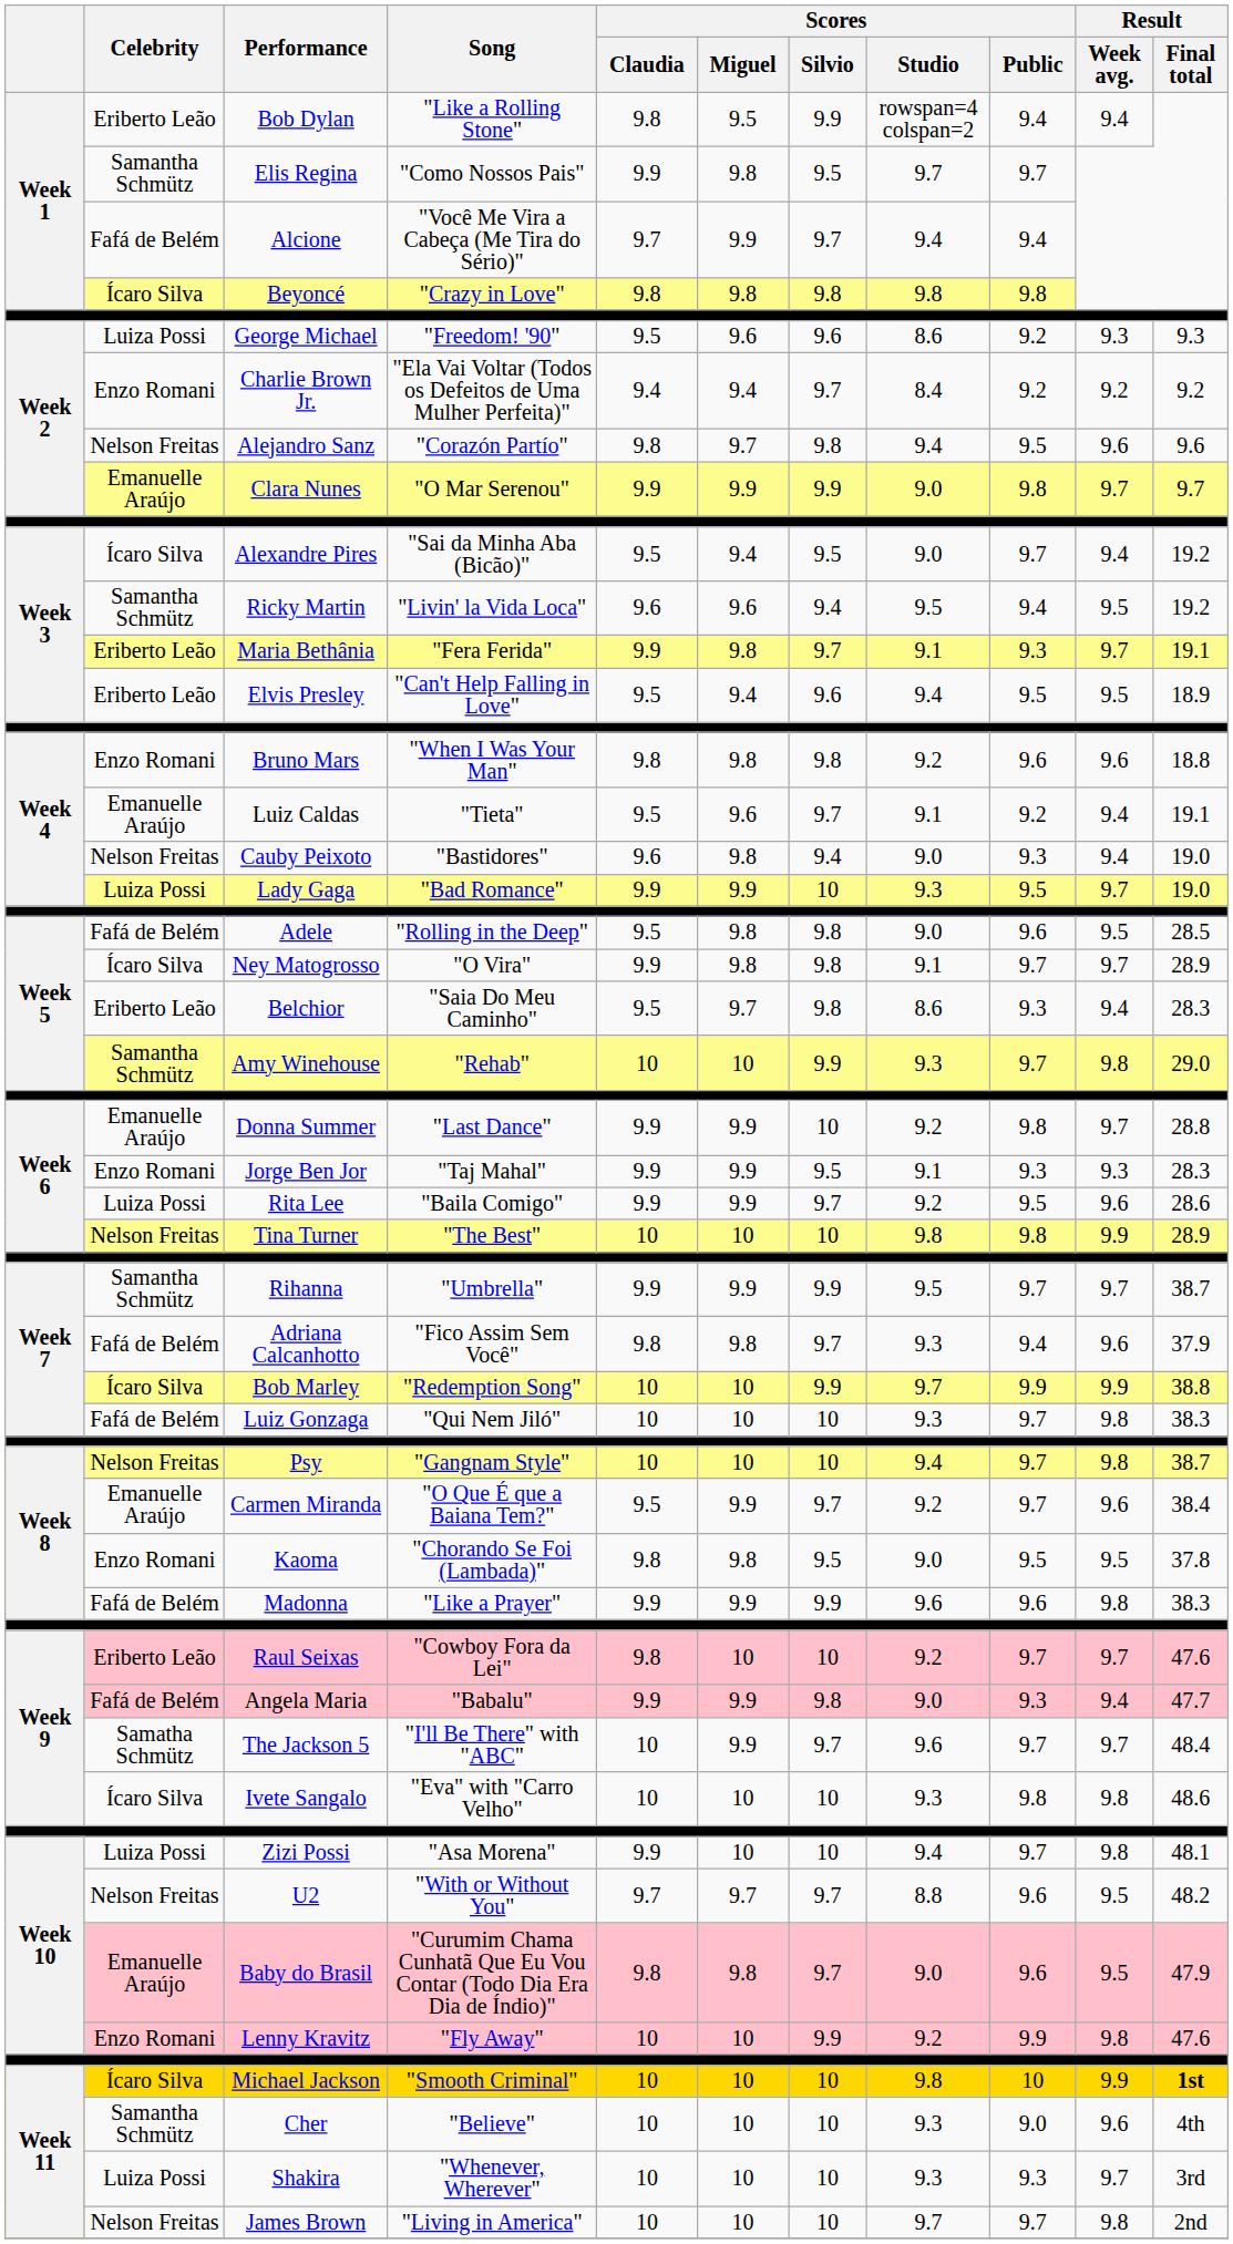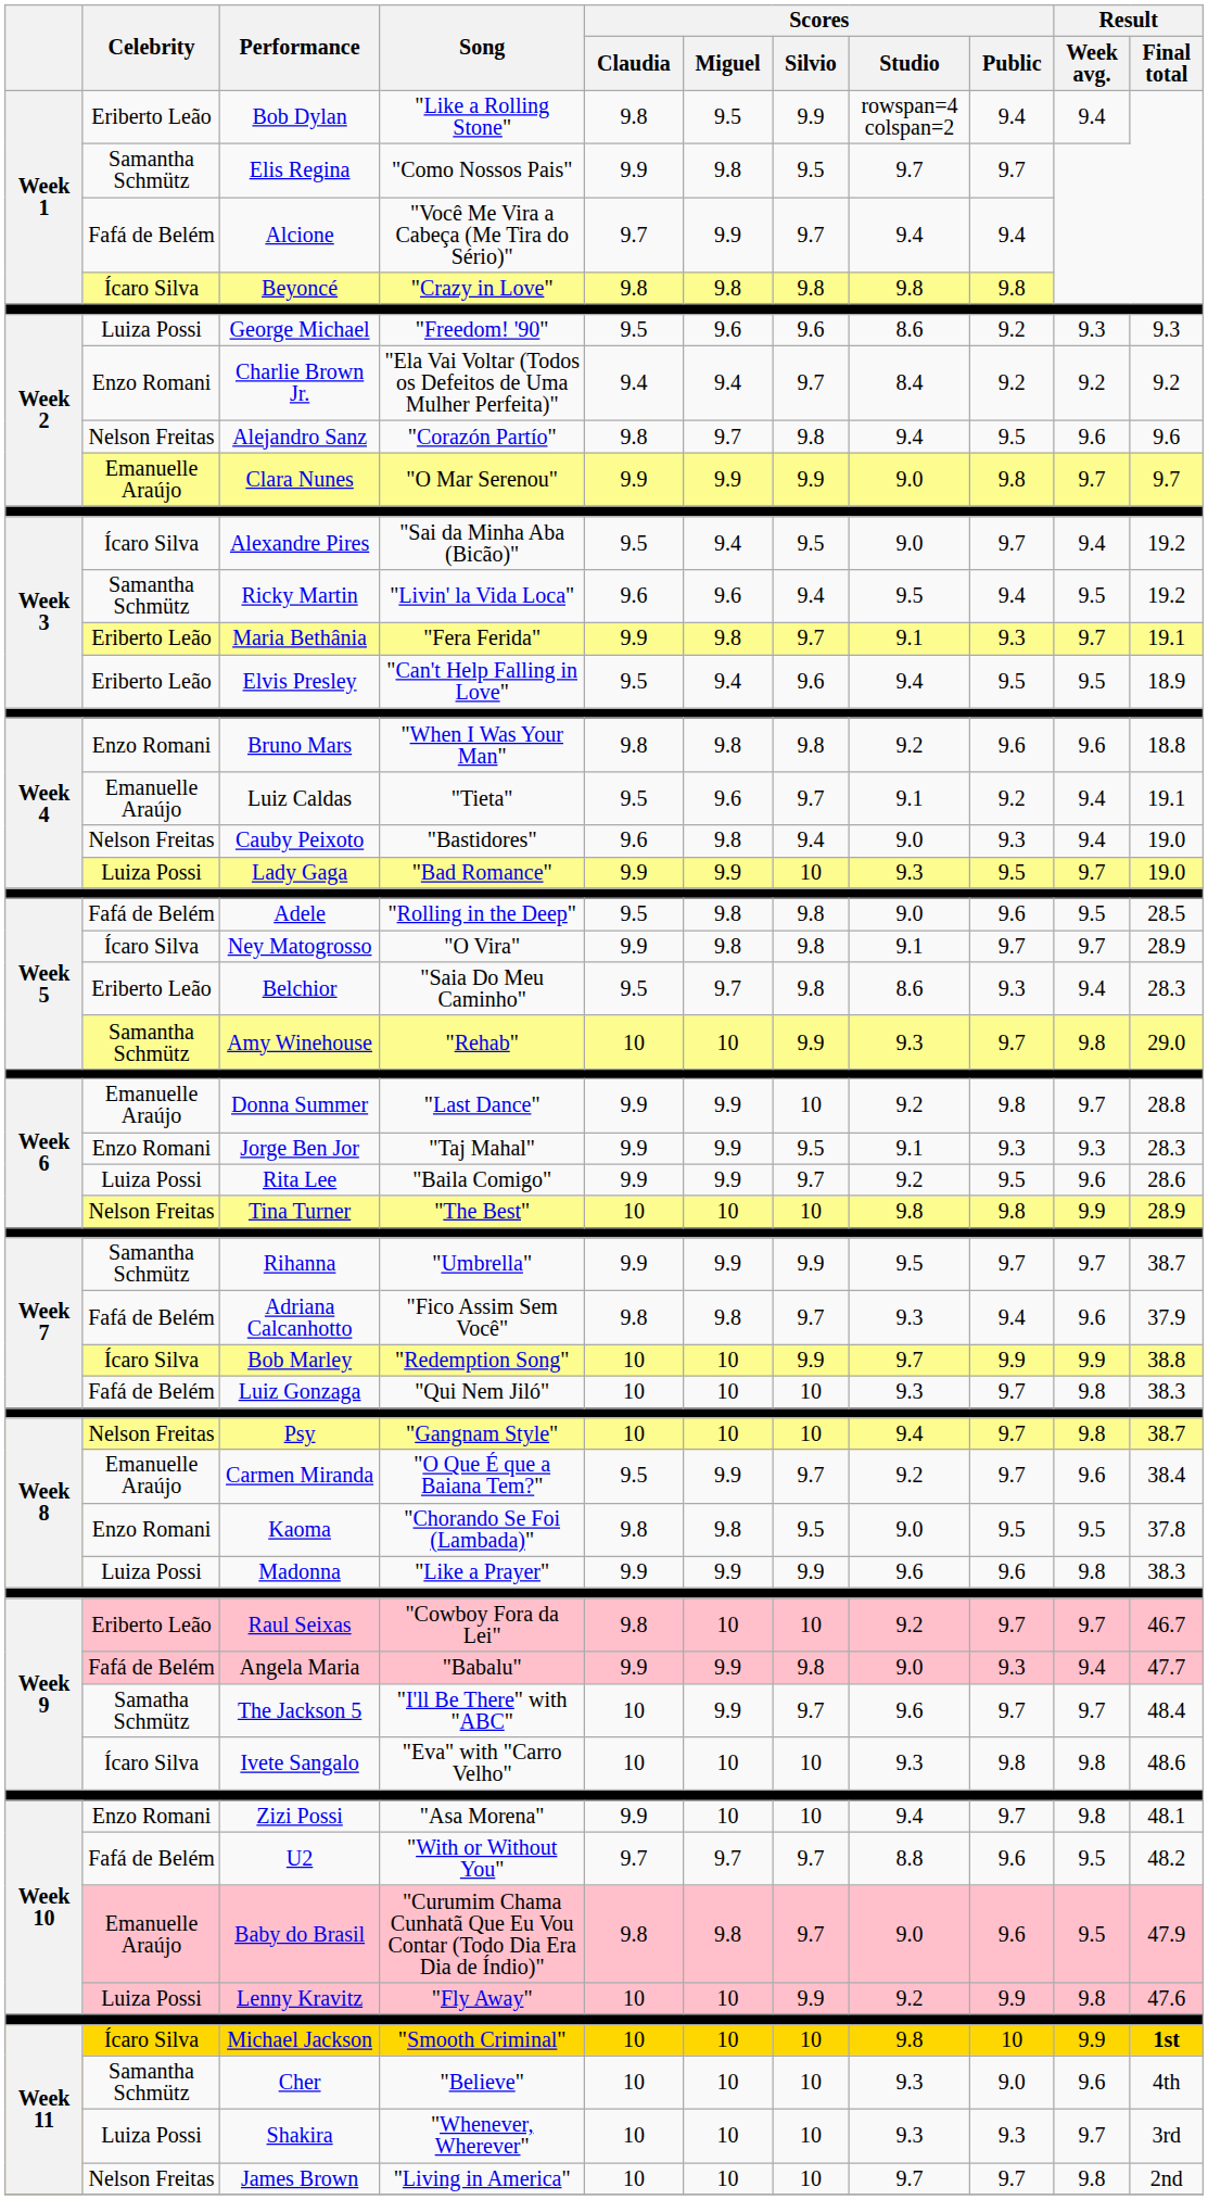 <table class="wikitable" style="font-size:100%; line-height:16px; text-align:center" width="100%">
 <tr>
 <th rowspan="2" style="width:05.0%;"></th>
 <th rowspan="2" style="width:09.0%;">Celebrity</th>
 <th rowspan="2" style="width:09.0%;">Performance</th>
 <th rowspan="2" style="width:13.5%;">Song</th>
 <th colspan="5" style="width:23.0%;">Scores</th>
 <th colspan="2" style="width:09.0%;">Result</th>
 </tr>
 <tr>
 <th style="width:04.5%;">Claudia</th>
 <th style="width:04.5%;">Miguel</th>
 <th style="width:04.5%;">Silvio</th>
 <th style="width:04.5%;">Studio</th>
 <th style="width:04.5%;">Public</th>
 <th style="width:04.5%;">Week<br>avg.</th>
 <th style="width:04.5%;">Final<br>total</th>
 </tr>
 <tr>
 <th rowspan=4>Week 1<br><small></small></th>
 <td>Eriberto Leão</td>
 <td><a href='#'>Bob Dylan</a></td>
 <td>"<a href='#'>Like a Rolling Stone</a>"</td>
 <td>9.8</td>
 <td>9.5</td>
 <td>9.9</td>
 <td>rowspan=4 colspan=2 </td>
 <td>9.4</td>
 <td>9.4</td>
 </tr>
 <tr>
 <td>Samantha Schmütz</td>
 <td><a href='#'>Elis Regina</a></td>
 <td>"Como Nossos Pais"</td>
 <td>9.9</td>
 <td>9.8</td>
 <td>9.5</td>
 <td>9.7</td>
 <td>9.7</td>
 </tr>
 <tr>
 <td>Fafá de Belém</td>
 <td><a href='#'>Alcione</a></td>
 <td>"Você Me Vira a Cabeça (Me Tira do Sério)"</td>
 <td>9.7</td>
 <td>9.9</td>
 <td>9.7</td>
 <td>9.4</td>
 <td>9.4</td>
 </tr>
 <tr bgcolor="FDFC8F">
 <td>Ícaro Silva</td>
 <td><a href='#'>Beyoncé</a></td>
 <td>"<a href='#'>Crazy in Love</a>"</td>
 <td>9.8</td>
 <td>9.8</td>
 <td>9.8</td>
 <td>9.8</td>
 <td>9.8</td>
 </tr>
 <tr>
 <td bgcolor="000000" colspan=11></td>
 </tr>
 <tr>
 <th rowspan=4>Week 2<br><small></small></th>
 <td>Luiza Possi</td>
 <td><a href='#'>George Michael</a></td>
 <td>"<a href='#'>Freedom! '90</a>"</td>
 <td>9.5</td>
 <td>9.6</td>
 <td>9.6</td>
 <td>8.6</td>
 <td>9.2</td>
 <td>9.3</td>
 <td>9.3</td>
 </tr>
 <tr>
 <td>Enzo Romani</td>
 <td><a href='#'>Charlie Brown Jr.</a></td>
 <td>"Ela Vai Voltar (Todos os Defeitos de Uma Mulher Perfeita)"</td>
 <td>9.4</td>
 <td>9.4</td>
 <td>9.7</td>
 <td>8.4</td>
 <td>9.2</td>
 <td>9.2</td>
 <td>9.2</td>
 </tr>
 <tr>
 <td>Nelson Freitas</td>
 <td><a href='#'>Alejandro Sanz</a></td>
 <td>"<a href='#'>Corazón Partío</a>"</td>
 <td>9.8</td>
 <td>9.7</td>
 <td>9.8</td>
 <td>9.4</td>
 <td>9.5</td>
 <td>9.6</td>
 <td>9.6</td>
 </tr>
 <tr bgcolor="FDFC8F">
 <td>Emanuelle Araújo</td>
 <td><a href='#'>Clara Nunes</a></td>
 <td>"O Mar Serenou"</td>
 <td>9.9</td>
 <td>9.9</td>
 <td>9.9</td>
 <td>9.0</td>
 <td>9.8</td>
 <td>9.7</td>
 <td>9.7</td>
 </tr>
 <tr>
 <td bgcolor="000000" colspan=11></td>
 </tr>
 <tr>
 <th rowspan=4>Week 3<br><small></small></th>
 <td>Ícaro Silva</td>
 <td><a href='#'>Alexandre Pires</a></td>
 <td>"Sai da Minha Aba (Bicão)"</td>
 <td>9.5</td>
 <td>9.4</td>
 <td>9.5</td>
 <td>9.0</td>
 <td>9.7</td>
 <td>9.4</td>
 <td>19.2</td>
 </tr>
 <tr>
 <td>Samantha Schmütz</td>
 <td><a href='#'>Ricky Martin</a></td>
 <td>"<a href='#'>Livin' la Vida Loca</a>"</td>
 <td>9.6</td>
 <td>9.6</td>
 <td>9.4</td>
 <td>9.5</td>
 <td>9.4</td>
 <td>9.5</td>
 <td>19.2</td>
 </tr>
 <tr bgcolor="FDFC8F">
 <td>Eriberto Leão</td>
 <td><a href='#'>Maria Bethânia</a></td>
 <td>"Fera Ferida"</td>
 <td>9.9</td>
 <td>9.8</td>
 <td>9.7</td>
 <td>9.1</td>
 <td>9.3</td>
 <td>9.7</td>
 <td>19.1</td>
 </tr>
 <tr>
 <td>Eriberto Leão</td>
 <td><a href='#'>Elvis Presley</a></td>
 <td>"<a href='#'>Can't Help Falling in Love</a>"</td>
 <td>9.5</td>
 <td>9.4</td>
 <td>9.6</td>
 <td>9.4</td>
 <td>9.5</td>
 <td>9.5</td>
 <td>18.9</td>
 </tr>
 <tr>
 <td bgcolor="000000" colspan=11></td>
 </tr>
 <tr>
 <th rowspan=4>Week 4<br><small></small></th>
 <td>Enzo Romani</td>
 <td><a href='#'>Bruno Mars</a></td>
 <td>"<a href='#'>When I Was Your Man</a>"</td>
 <td>9.8</td>
 <td>9.8</td>
 <td>9.8</td>
 <td>9.2</td>
 <td>9.6</td>
 <td>9.6</td>
 <td>18.8</td>
 </tr>
 <tr>
 <td>Emanuelle Araújo</td>
 <td>Luiz Caldas</td>
 <td>"Tieta"</td>
 <td>9.5</td>
 <td>9.6</td>
 <td>9.7</td>
 <td>9.1</td>
 <td>9.2</td>
 <td>9.4</td>
 <td>19.1</td>
 </tr>
 <tr>
 <td>Nelson Freitas</td>
 <td><a href='#'>Cauby Peixoto</a></td>
 <td>"Bastidores"</td>
 <td>9.6</td>
 <td>9.8</td>
 <td>9.4</td>
 <td>9.0</td>
 <td>9.3</td>
 <td>9.4</td>
 <td>19.0</td>
 </tr>
 <tr bgcolor="FDFC8F">
 <td>Luiza Possi</td>
 <td><a href='#'>Lady Gaga</a></td>
 <td>"<a href='#'>Bad Romance</a>"</td>
 <td>9.9</td>
 <td>9.9</td>
 <td>10</td>
 <td>9.3</td>
 <td>9.5</td>
 <td>9.7</td>
 <td>19.0</td>
 </tr>
 <tr>
 <td bgcolor="000000" colspan=11></td>
 </tr>
 <tr>
 <th rowspan=4>Week 5<br><small></small></th>
 <td>Fafá de Belém</td>
 <td><a href='#'>Adele</a></td>
 <td>"<a href='#'>Rolling in the Deep</a>"</td>
 <td>9.5</td>
 <td>9.8</td>
 <td>9.8</td>
 <td>9.0</td>
 <td>9.6</td>
 <td>9.5</td>
 <td>28.5</td>
 </tr>
 <tr>
 <td>Ícaro Silva</td>
 <td><a href='#'>Ney Matogrosso</a></td>
 <td>"O Vira"</td>
 <td>9.9</td>
 <td>9.8</td>
 <td>9.8</td>
 <td>9.1</td>
 <td>9.7</td>
 <td>9.7</td>
 <td>28.9</td>
 </tr>
 <tr>
 <td>Eriberto Leão</td>
 <td><a href='#'>Belchior</a></td>
 <td>"Saia Do Meu Caminho"</td>
 <td>9.5</td>
 <td>9.7</td>
 <td>9.8</td>
 <td>8.6</td>
 <td>9.3</td>
 <td>9.4</td>
 <td>28.3</td>
 </tr>
 <tr bgcolor="FDFC8F">
 <td>Samantha Schmütz</td>
 <td><a href='#'>Amy Winehouse</a></td>
 <td>"<a href='#'>Rehab</a>"</td>
 <td>10</td>
 <td>10</td>
 <td>9.9</td>
 <td>9.3</td>
 <td>9.7</td>
 <td>9.8</td>
 <td>29.0</td>
 </tr>
 <tr>
 <td bgcolor="000000" colspan=11></td>
 </tr>
 <tr>
 <th rowspan=4>Week 6<br><small></small></th>
 <td>Emanuelle Araújo</td>
 <td><a href='#'>Donna Summer</a></td>
 <td>"<a href='#'>Last Dance</a>"</td>
 <td>9.9</td>
 <td>9.9</td>
 <td>10</td>
 <td>9.2</td>
 <td>9.8</td>
 <td>9.7</td>
 <td>28.8</td>
 </tr>
 <tr>
 <td>Enzo Romani</td>
 <td><a href='#'>Jorge Ben Jor</a></td>
 <td>"Taj Mahal"</td>
 <td>9.9</td>
 <td>9.9</td>
 <td>9.5</td>
 <td>9.1</td>
 <td>9.3</td>
 <td>9.3</td>
 <td>28.3</td>
 </tr>
 <tr>
 <td>Luiza Possi</td>
 <td><a href='#'>Rita Lee</a></td>
 <td>"Baila Comigo"</td>
 <td>9.9</td>
 <td>9.9</td>
 <td>9.7</td>
 <td>9.2</td>
 <td>9.5</td>
 <td>9.6</td>
 <td>28.6</td>
 </tr>
 <tr bgcolor="FDFC8F">
 <td>Nelson Freitas</td>
 <td><a href='#'>Tina Turner</a></td>
 <td>"<a href='#'>The Best</a>"</td>
 <td>10</td>
 <td>10</td>
 <td>10</td>
 <td>9.8</td>
 <td>9.8</td>
 <td>9.9</td>
 <td>28.9</td>
 </tr>
 <tr>
 <td bgcolor="000000" colspan=11></td>
 </tr>
 <tr>
 <th rowspan=4>Week 7<br><small></small></th>
 <td>Samantha Schmütz</td>
 <td><a href='#'>Rihanna</a></td>
 <td>"<a href='#'>Umbrella</a>"</td>
 <td>9.9</td>
 <td>9.9</td>
 <td>9.9</td>
 <td>9.5</td>
 <td>9.7</td>
 <td>9.7</td>
 <td>38.7</td>
 </tr>
 <tr>
 <td>Fafá de Belém</td>
 <td><a href='#'>Adriana Calcanhotto</a></td>
 <td>"Fico Assim Sem Você"</td>
 <td>9.8</td>
 <td>9.8</td>
 <td>9.7</td>
 <td>9.3</td>
 <td>9.4</td>
 <td>9.6</td>
 <td>37.9</td>
 </tr>
 <tr bgcolor="FDFC8F">
 <td>Ícaro Silva</td>
 <td><a href='#'>Bob Marley</a></td>
 <td>"<a href='#'>Redemption Song</a>"</td>
 <td>10</td>
 <td>10</td>
 <td>9.9</td>
 <td>9.7</td>
 <td>9.9</td>
 <td>9.9</td>
 <td>38.8</td>
 </tr>
 <tr>
 <td>Fafá de Belém</td>
 <td><a href='#'>Luiz Gonzaga</a></td>
 <td>"Qui Nem Jiló"</td>
 <td>10</td>
 <td>10</td>
 <td>10</td>
 <td>9.3</td>
 <td>9.7</td>
 <td>9.8</td>
 <td>38.3</td>
 </tr>
 <tr>
 <td bgcolor="000000" colspan=11></td>
 </tr>
 <tr bgcolor="FDFC8F">
 <th rowspan=4>Week 8<br><small></small></th>
 <td>Nelson Freitas</td>
 <td><a href='#'>Psy</a></td>
 <td>"<a href='#'>Gangnam Style</a>"</td>
 <td>10</td>
 <td>10</td>
 <td>10</td>
 <td>9.4</td>
 <td>9.7</td>
 <td>9.8</td>
 <td>38.7</td>
 </tr>
 <tr>
 <td>Emanuelle Araújo</td>
 <td><a href='#'>Carmen Miranda</a></td>
 <td>"<a href='#'>O Que É que a Baiana Tem?</a>"</td>
 <td>9.5</td>
 <td>9.9</td>
 <td>9.7</td>
 <td>9.2</td>
 <td>9.7</td>
 <td>9.6</td>
 <td>38.4</td>
 </tr>
 <tr>
 <td>Enzo Romani</td>
 <td><a href='#'>Kaoma</a></td>
 <td>"<a href='#'>Chorando Se Foi (Lambada)</a>"</td>
 <td>9.8</td>
 <td>9.8</td>
 <td>9.5</td>
 <td>9.0</td>
 <td>9.5</td>
 <td>9.5</td>
 <td>37.8</td>
 </tr>
 <tr>
-<td>Fafá de Belém</td>
+<td>Luiza Possi</td>
 <td><a href='#'>Madonna</a></td>
 <td>"<a href='#'>Like a Prayer</a>"</td>
 <td>9.9</td>
 <td>9.9</td>
 <td>9.9</td>
 <td>9.6</td>
 <td>9.6</td>
 <td>9.8</td>
 <td>38.3</td>
 </tr>
 <tr>
 <td bgcolor="000000" colspan=11></td>
 </tr>
 <tr bgcolor="FFC0CB">
 <th rowspan=4>Week 9<br><small></small></th>
 <td>Eriberto Leão</td>
 <td><a href='#'>Raul Seixas</a></td>
 <td>"Cowboy Fora da Lei"</td>
 <td>9.8</td>
 <td>10</td>
 <td>10</td>
 <td>9.2</td>
 <td>9.7</td>
 <td>9.7</td>
-<td>47.6</td>
+<td>46.7</td>
 </tr>
 <tr bgcolor="FFC0CB">
 <td>Fafá de Belém</td>
 <td>Angela Maria</td>
 <td>"Babalu"</td>
 <td>9.9</td>
 <td>9.9</td>
 <td>9.8</td>
 <td>9.0</td>
 <td>9.3</td>
 <td>9.4</td>
 <td>47.7</td>
 </tr>
 <tr>
 <td>Samatha Schmütz</td>
 <td><a href='#'>The Jackson 5</a></td>
 <td>"<a href='#'>I'll Be There</a>" with "<a href='#'>ABC</a>"</td>
 <td>10</td>
 <td>9.9</td>
 <td>9.7</td>
 <td>9.6</td>
 <td>9.7</td>
 <td>9.7</td>
 <td>48.4</td>
 </tr>
 <tr>
 <td>Ícaro Silva</td>
 <td><a href='#'>Ivete Sangalo</a></td>
 <td>"Eva" with "Carro Velho"</td>
 <td>10</td>
 <td>10</td>
 <td>10</td>
 <td>9.3</td>
 <td>9.8</td>
 <td>9.8</td>
 <td>48.6</td>
 </tr>
 <tr>
 <td bgcolor="000000" colspan=11></td>
 </tr>
 <tr>
 <th rowspan=4>Week 10<br><small></small></th>
-<td>Luiza Possi</td>
+<td>Enzo Romani</td>
 <td><a href='#'>Zizi Possi</a></td>
 <td>"Asa Morena"</td>
 <td>9.9</td>
 <td>10</td>
 <td>10</td>
 <td>9.4</td>
 <td>9.7</td>
 <td>9.8</td>
 <td>48.1</td>
 </tr>
 <tr>
-<td>Nelson Freitas</td>
+<td>Fafá de Belém</td>
 <td><a href='#'>U2</a></td>
 <td>"<a href='#'>With or Without You</a>"</td>
 <td>9.7</td>
 <td>9.7</td>
 <td>9.7</td>
 <td>8.8</td>
 <td>9.6</td>
 <td>9.5</td>
 <td>48.2</td>
 </tr>
 <tr bgcolor="FFC0CB">
 <td>Emanuelle Araújo</td>
 <td><a href='#'>Baby do Brasil</a></td>
 <td>"Curumim Chama Cunhatã Que Eu Vou Contar (Todo Dia Era Dia de Índio)"</td>
 <td>9.8</td>
 <td>9.8</td>
 <td>9.7</td>
 <td>9.0</td>
 <td>9.6</td>
 <td>9.5</td>
 <td>47.9</td>
 </tr>
 <tr bgcolor="FFC0CB">
-<td>Enzo Romani</td>
+<td>Luiza Possi</td>
 <td><a href='#'>Lenny Kravitz</a></td>
 <td>"<a href='#'>Fly Away</a>"</td>
 <td>10</td>
 <td>10</td>
 <td>9.9</td>
 <td>9.2</td>
 <td>9.9</td>
 <td>9.8</td>
 <td>47.6</td>
 </tr>
 <tr>
 <td bgcolor="000000" colspan=11></td>
 </tr>
 <tr bgcolor="FFD700">
 <th rowspan=4>Week 11<br><small></small></th>
 <td>Ícaro Silva</td>
 <td><a href='#'>Michael Jackson</a></td>
 <td>"<a href='#'>Smooth Criminal</a>"</td>
 <td>10</td>
 <td>10</td>
 <td>10</td>
 <td>9.8</td>
 <td>10</td>
 <td>9.9</td>
 <td><strong>1st</strong></td>
 </tr>
 <tr>
 <td>Samantha Schmütz</td>
 <td><a href='#'>Cher</a></td>
 <td>"<a href='#'>Believe</a>"</td>
 <td>10</td>
 <td>10</td>
 <td>10</td>
 <td>9.3</td>
 <td>9.0</td>
 <td>9.6</td>
 <td>4th</td>
 </tr>
 <tr>
 <td>Luiza Possi</td>
 <td><a href='#'>Shakira</a></td>
 <td>"<a href='#'>Whenever, Wherever</a>"</td>
 <td>10</td>
 <td>10</td>
 <td>10</td>
 <td>9.3</td>
 <td>9.3</td>
 <td>9.7</td>
 <td>3rd</td>
 </tr>
 <tr>
 <td>Nelson Freitas</td>
 <td><a href='#'>James Brown</a></td>
 <td>"<a href='#'>Living in America</a>"</td>
 <td>10</td>
 <td>10</td>
 <td>10</td>
 <td>9.7</td>
 <td>9.7</td>
 <td>9.8</td>
 <td>2nd</td>
 </tr>
 <tr>
 </tr>
 </table>
